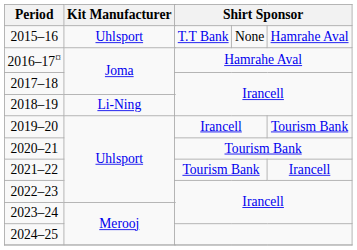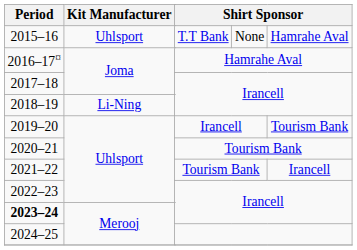 <table class="wikitable" style="text-align:center;">
 <tr>
 <th>Period</th>
 <th colspan=2>Kit Manufacturer</th>
 <th colspan=4>Shirt Sponsor</th>
 </tr>
 <tr>
 <td>2015–16</td>
 <td colspan=2><a href='#'>Uhlsport</a></td>
 <td><a href='#'>T.T Bank</a></td>
 <td>None</td>
 <td colspan=2><a href='#'>Hamrahe Aval</a></td>
 </tr>
 <tr>
 <td>2016–17<sup>¤</sup></td>
 <td rowspan=2 colspan=2><a href='#'>Joma</a></td>
 <td colspan=4><a href='#'>Hamrahe Aval</a></td>
 </tr>
 <tr>
 <td>2017–18</td>
 <td colspan="4" rowspan="2"><a href='#'>Irancell</a></td>
 </tr>
 <tr>
 <td>2018–19</td>
 <td colspan=2><a href='#'>Li-Ning</a></td>
 </tr>
 <tr>
 <td>2019–20</td>
 <td rowspan="4" colspan="2"><a href='#'>Uhlsport</a></td>
 <td colspan="2"><a href='#'>Irancell</a></td>
 <td colspan="2"><a href='#'>Tourism Bank</a></td>
 </tr>
 <tr>
 <td>2020–21</td>
 <td colspan="4"><a href='#'>Tourism Bank</a></td>
 </tr>
 <tr>
 <td>2021–22</td>
 <td colspan="2"><a href='#'>Tourism Bank</a></td>
 <td colspan="2"><a href='#'>Irancell</a></td>
 </tr>
 <tr>
 <td>2022–23</td>
 <td rowspan="2" colspan="4"><a href='#'>Irancell</a></td>
 </tr>
 <tr>
-<td>2023–24</td>
+<td><strong>2023–24</strong></td>
 <td rowspan="2"  colspan=2><a href='#'>Merooj</a></td>
 </tr>
 <tr>
 <td>2024–25</td>
 <td colspan="4"></td>
 </tr>
 <tr>
 </tr>
 </table>
